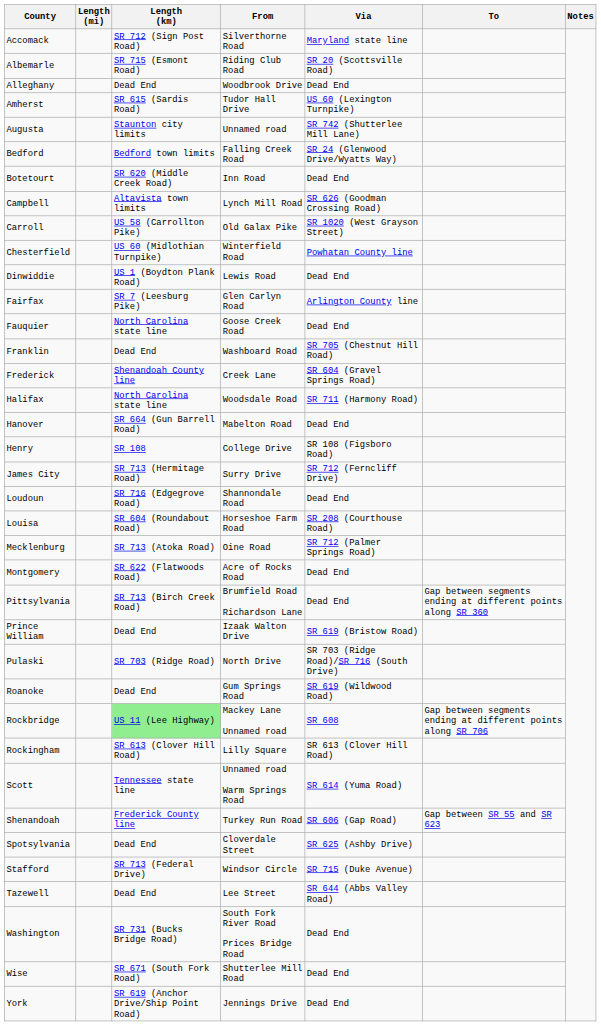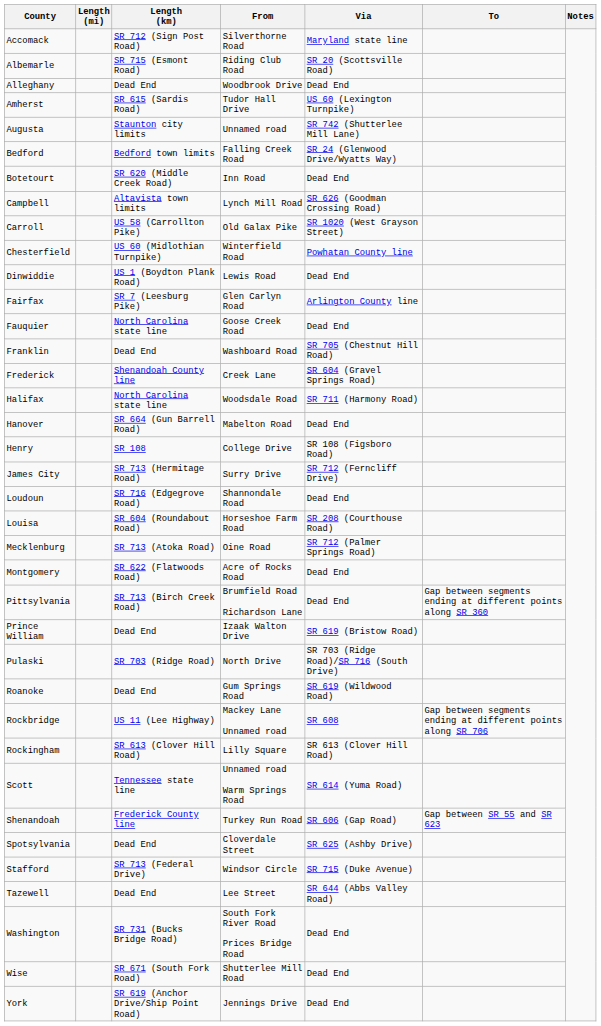 <table class="wikitable sortable">
 <tr>
 <th>County</th>
 <th>Length<br>(mi)</th>
 <th>Length<br>(km)</th>
 <th class="unsortable">From</th>
 <th class="unsortable">Via</th>
 <th class="unsortable">To</th>
 <th class="unsortable">Notes</th>
 </tr>
 <tr>
 <td id="Accomack">Accomack</td>
 <td></td>
 <td><a href='#'>SR 712</a> (Sign Post Road)</td>
 <td>Silverthorne Road</td>
 <td><a href='#'>Maryland</a> state line</td>
 <td></td>
 </tr>
 <tr>
 <td id="Albemarle">Albemarle</td>
 <td></td>
 <td><a href='#'>SR 715</a> (Esmont Road)</td>
 <td>Riding Club Road</td>
 <td><a href='#'>SR 20</a> (Scottsville Road)</td>
 <td></td>
 </tr>
 <tr>
 <td id="Alleghany">Alleghany</td>
 <td></td>
 <td>Dead End</td>
 <td>Woodbrook Drive</td>
 <td>Dead End</td>
 <td><br></td>
 </tr>
 <tr>
 <td id="Amherst">Amherst</td>
 <td></td>
 <td><a href='#'>SR 615</a> (Sardis Road)</td>
 <td>Tudor Hall Drive</td>
 <td><a href='#'>US 60</a> (Lexington Turnpike)</td>
 <td><br> </td>
 </tr>
 <tr>
 <td id="Augusta">Augusta</td>
 <td></td>
 <td><a href='#'>Staunton</a> city limits</td>
 <td>Unnamed road</td>
 <td><a href='#'>SR 742</a> (Shutterlee Mill Lane)</td>
 <td><br></td>
 </tr>
 <tr>
 <td id="Bedford">Bedford</td>
 <td></td>
 <td><a href='#'>Bedford</a> town limits</td>
 <td>Falling Creek Road</td>
 <td><a href='#'>SR 24</a> (Glenwood Drive/Wyatts Way)</td>
 <td><br></td>
 </tr>
 <tr>
 <td id="Botetourt">Botetourt</td>
 <td></td>
 <td><a href='#'>SR 620</a> (Middle Creek Road)</td>
 <td>Inn Road</td>
 <td>Dead End</td>
 <td><br>  </td>
 </tr>
 <tr>
 <td id="Campbell">Campbell</td>
 <td></td>
 <td><a href='#'>Altavista</a> town limits</td>
 <td>Lynch Mill Road</td>
 <td><a href='#'>SR 626</a> (Goodman Crossing Road)</td>
 <td><br></td>
 </tr>
 <tr>
 <td id="Carroll">Carroll</td>
 <td></td>
 <td><a href='#'>US 58</a> (Carrollton Pike)</td>
 <td>Old Galax Pike</td>
 <td><a href='#'>SR 1020</a> (West Grayson Street)</td>
 <td><br> </td>
 </tr>
 <tr>
 <td id="Chesterfield">Chesterfield</td>
 <td></td>
 <td><a href='#'>US 60</a> (Midlothian Turnpike)</td>
 <td>Winterfield Road</td>
 <td><a href='#'>Powhatan County line</a></td>
 <td><br>    </td>
 </tr>
 <tr>
 <td id="Dinwiddie">Dinwiddie</td>
 <td></td>
 <td><a href='#'>US 1</a> (Boydton Plank Road)</td>
 <td>Lewis Road</td>
 <td>Dead End</td>
 <td><br></td>
 </tr>
 <tr>
 <td id="Fairfax">Fairfax</td>
 <td></td>
 <td><a href='#'>SR 7</a> (Leesburg Pike)</td>
 <td>Glen Carlyn Road</td>
 <td><a href='#'>Arlington County</a> line</td>
 <td></td>
 </tr>
 <tr>
 <td id="Fauquier">Fauquier</td>
 <td></td>
 <td><a href='#'>North Carolina</a> state line</td>
 <td>Goose Creek Road</td>
 <td>Dead End</td>
 <td><br> </td>
 </tr>
 <tr>
 <td id="Franklin">Franklin</td>
 <td></td>
 <td>Dead End</td>
 <td>Washboard Road</td>
 <td><a href='#'>SR 705</a> (Chestnut Hill Road)</td>
 <td></td>
 </tr>
 <tr>
 <td id="Frederick">Frederick</td>
 <td></td>
 <td><a href='#'>Shenandoah County line</a></td>
 <td>Creek Lane</td>
 <td><a href='#'>SR 604</a> (Gravel Springs Road)</td>
 <td><br>     </td>
 </tr>
 <tr>
 <td id="Halifax">Halifax</td>
 <td></td>
 <td><a href='#'>North Carolina</a> state line</td>
 <td>Woodsdale Road</td>
 <td><a href='#'>SR 711</a> (Harmony Road)</td>
 <td></td>
 </tr>
 <tr>
 <td id="Hanover">Hanover</td>
 <td></td>
 <td><a href='#'>SR 664</a> (Gun Barrell Road)</td>
 <td>Mabelton Road</td>
 <td>Dead End</td>
 <td><br></td>
 </tr>
 <tr>
 <td id="Henry">Henry</td>
 <td></td>
 <td><a href='#'>SR 108</a></td>
 <td>College Drive</td>
 <td>SR 108 (Figsboro Road)</td>
 <td><br> </td>
 </tr>
 <tr>
 <td id="James City">James City</td>
 <td></td>
 <td><a href='#'>SR 713</a> (Hermitage Road)</td>
 <td>Surry Drive</td>
 <td><a href='#'>SR 712</a> (Ferncliff Drive)</td>
 <td><br>    </td>
 </tr>
 <tr>
 <td id="Loudoun">Loudoun</td>
 <td></td>
 <td><a href='#'>SR 716</a> (Edgegrove Road)</td>
 <td>Shannondale Road</td>
 <td>Dead End</td>
 <td></td>
 </tr>
 <tr>
 <td id="Louisa">Louisa</td>
 <td></td>
 <td><a href='#'>SR 604</a> (Roundabout Road)</td>
 <td>Horseshoe Farm Road</td>
 <td><a href='#'>SR 208</a> (Courthouse Road)</td>
 <td><br>  </td>
 </tr>
 <tr>
 <td id="Mecklenburg">Mecklenburg</td>
 <td></td>
 <td><a href='#'>SR 713</a> (Atoka Road)</td>
 <td>Oine Road</td>
 <td><a href='#'>SR 712</a> (Palmer Springs Road)</td>
 <td><br></td>
 </tr>
 <tr>
 <td id="Montgomery">Montgomery</td>
 <td></td>
 <td><a href='#'>SR 622</a> (Flatwoods Road)</td>
 <td>Acre of Rocks Road</td>
 <td>Dead End</td>
 <td><br>       </td>
 </tr>
 <tr>
 <td id="Pittsylvania">Pittsylvania</td>
 <td></td>
 <td><a href='#'>SR 713</a> (Birch Creek Road)</td>
 <td>Brumfield Road<br><br>Richardson Lane</td>
 <td>Dead End</td>
 <td>Gap between segments ending at different points along <a href='#'>SR 360</a><br>  </td>
 </tr>
 <tr>
 <td id="Prince William">Prince William</td>
 <td></td>
 <td>Dead End</td>
 <td>Izaak Walton Drive</td>
 <td><a href='#'>SR 619</a> (Bristow Road)</td>
 <td></td>
 </tr>
 <tr>
 <td id="Pulaski">Pulaski</td>
 <td></td>
 <td><a href='#'>SR 703</a> (Ridge Road)</td>
 <td>North Drive</td>
 <td>SR 703 (Ridge Road)/<a href='#'>SR 716</a> (South Drive)</td>
 <td><br> </td>
 </tr>
 <tr>
 <td id="Roanoke">Roanoke</td>
 <td></td>
 <td>Dead End</td>
 <td>Gum Springs Road</td>
 <td><a href='#'>SR 619</a> (Wildwood Road)</td>
 <td></td>
 </tr>
 <tr>
 <td id="Rockbridge">Rockbridge</td>
 <td></td>
-<td style="background: lightgreen;"><a href='#'>US 11</a> (Lee Highway)</td>
+<td><a href='#'>US 11</a> (Lee Highway)</td>
 <td>Mackey Lane<br><br>Unnamed road</td>
 <td><a href='#'>SR 608</a></td>
 <td>Gap between segments ending at different points along <a href='#'>SR 706</a></td>
 </tr>
 <tr>
 <td id="Rockingham">Rockingham</td>
 <td></td>
 <td><a href='#'>SR 613</a> (Clover Hill Road)</td>
 <td>Lilly Square</td>
 <td>SR 613 (Clover Hill Road)</td>
 <td><br></td>
 </tr>
 <tr>
 <td id="Scott">Scott</td>
 <td></td>
 <td><a href='#'>Tennessee</a> state line</td>
 <td>Unnamed road<br><br>Warm Springs Road</td>
 <td><a href='#'>SR 614</a> (Yuma Road)</td>
 <td></td>
 </tr>
 <tr>
 <td id="Shenandoah">Shenandoah</td>
 <td></td>
 <td><a href='#'>Frederick County line</a></td>
 <td>Turkey Run Road</td>
 <td><a href='#'>SR 606</a> (Gap Road)</td>
 <td>Gap between <a href='#'>SR 55</a> and <a href='#'>SR 623</a><br> </td>
 </tr>
 <tr>
 <td id="Spotsylvania">Spotsylvania</td>
 <td></td>
 <td>Dead End</td>
 <td>Cloverdale Street</td>
 <td><a href='#'>SR 625</a> (Ashby Drive)</td>
 <td></td>
 </tr>
 <tr>
 <td id="Stafford">Stafford</td>
 <td></td>
 <td><a href='#'>SR 713</a> (Federal Drive)</td>
 <td>Windsor Circle</td>
 <td><a href='#'>SR 715</a> (Duke Avenue)</td>
 <td><br> </td>
 </tr>
 <tr>
 <td id="Tazewell">Tazewell</td>
 <td></td>
 <td>Dead End</td>
 <td>Lee Street</td>
 <td><a href='#'>SR 644</a> (Abbs Valley Road)</td>
 <td><br></td>
 </tr>
 <tr>
 <td id="Washington">Washington</td>
 <td></td>
 <td><a href='#'>SR 731</a> (Bucks Bridge Road)</td>
 <td>South Fork River Road<br><br>Prices Bridge Road</td>
 <td>Dead End</td>
 <td><br></td>
 </tr>
 <tr>
 <td id="Wise">Wise</td>
 <td></td>
 <td><a href='#'>SR 671</a> (South Fork Road)</td>
 <td>Shutterlee Mill Road</td>
 <td>Dead End</td>
 <td><br></td>
 </tr>
 <tr>
 <td id="York">York</td>
 <td></td>
 <td><a href='#'>SR 619</a> (Anchor Drive/Ship Point Road)</td>
 <td>Jennings Drive</td>
 <td>Dead End</td>
 <td></td>
 </tr>
 </table>
